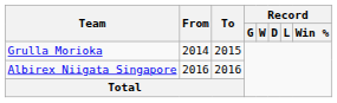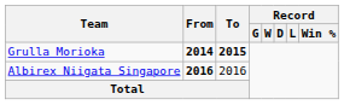 <table class="wikitable" style="text-align: center">
 <tr>
 <th rowspan="2">Team</th>
 <th rowspan="2">From</th>
 <th rowspan="2">To</th>
 <th colspan="5">Record</th>
 </tr>
 <tr>
 <th>G</th>
 <th>W</th>
 <th>D</th>
 <th>L</th>
 <th>Win %</th>
 </tr>
 <tr>
 <td align="left"><a href='#'>Grulla Morioka</a></td>
-<td align="left">2014</td>
-<td align="left">2015<br></td>
+<td align="left"><strong>2014</strong></td>
+<td align="left"><strong>2015<br></strong></td>
 </tr>
 <tr>
 <td align="left"><a href='#'>Albirex Niigata Singapore</a></td>
-<td align="left">2016</td>
+<td align="left"><strong>2016</strong></td>
 <td align="left">2016<br></td>
 </tr>
 <tr>
 <th colspan="3">Total<br></th>
 </tr>
 </table>
